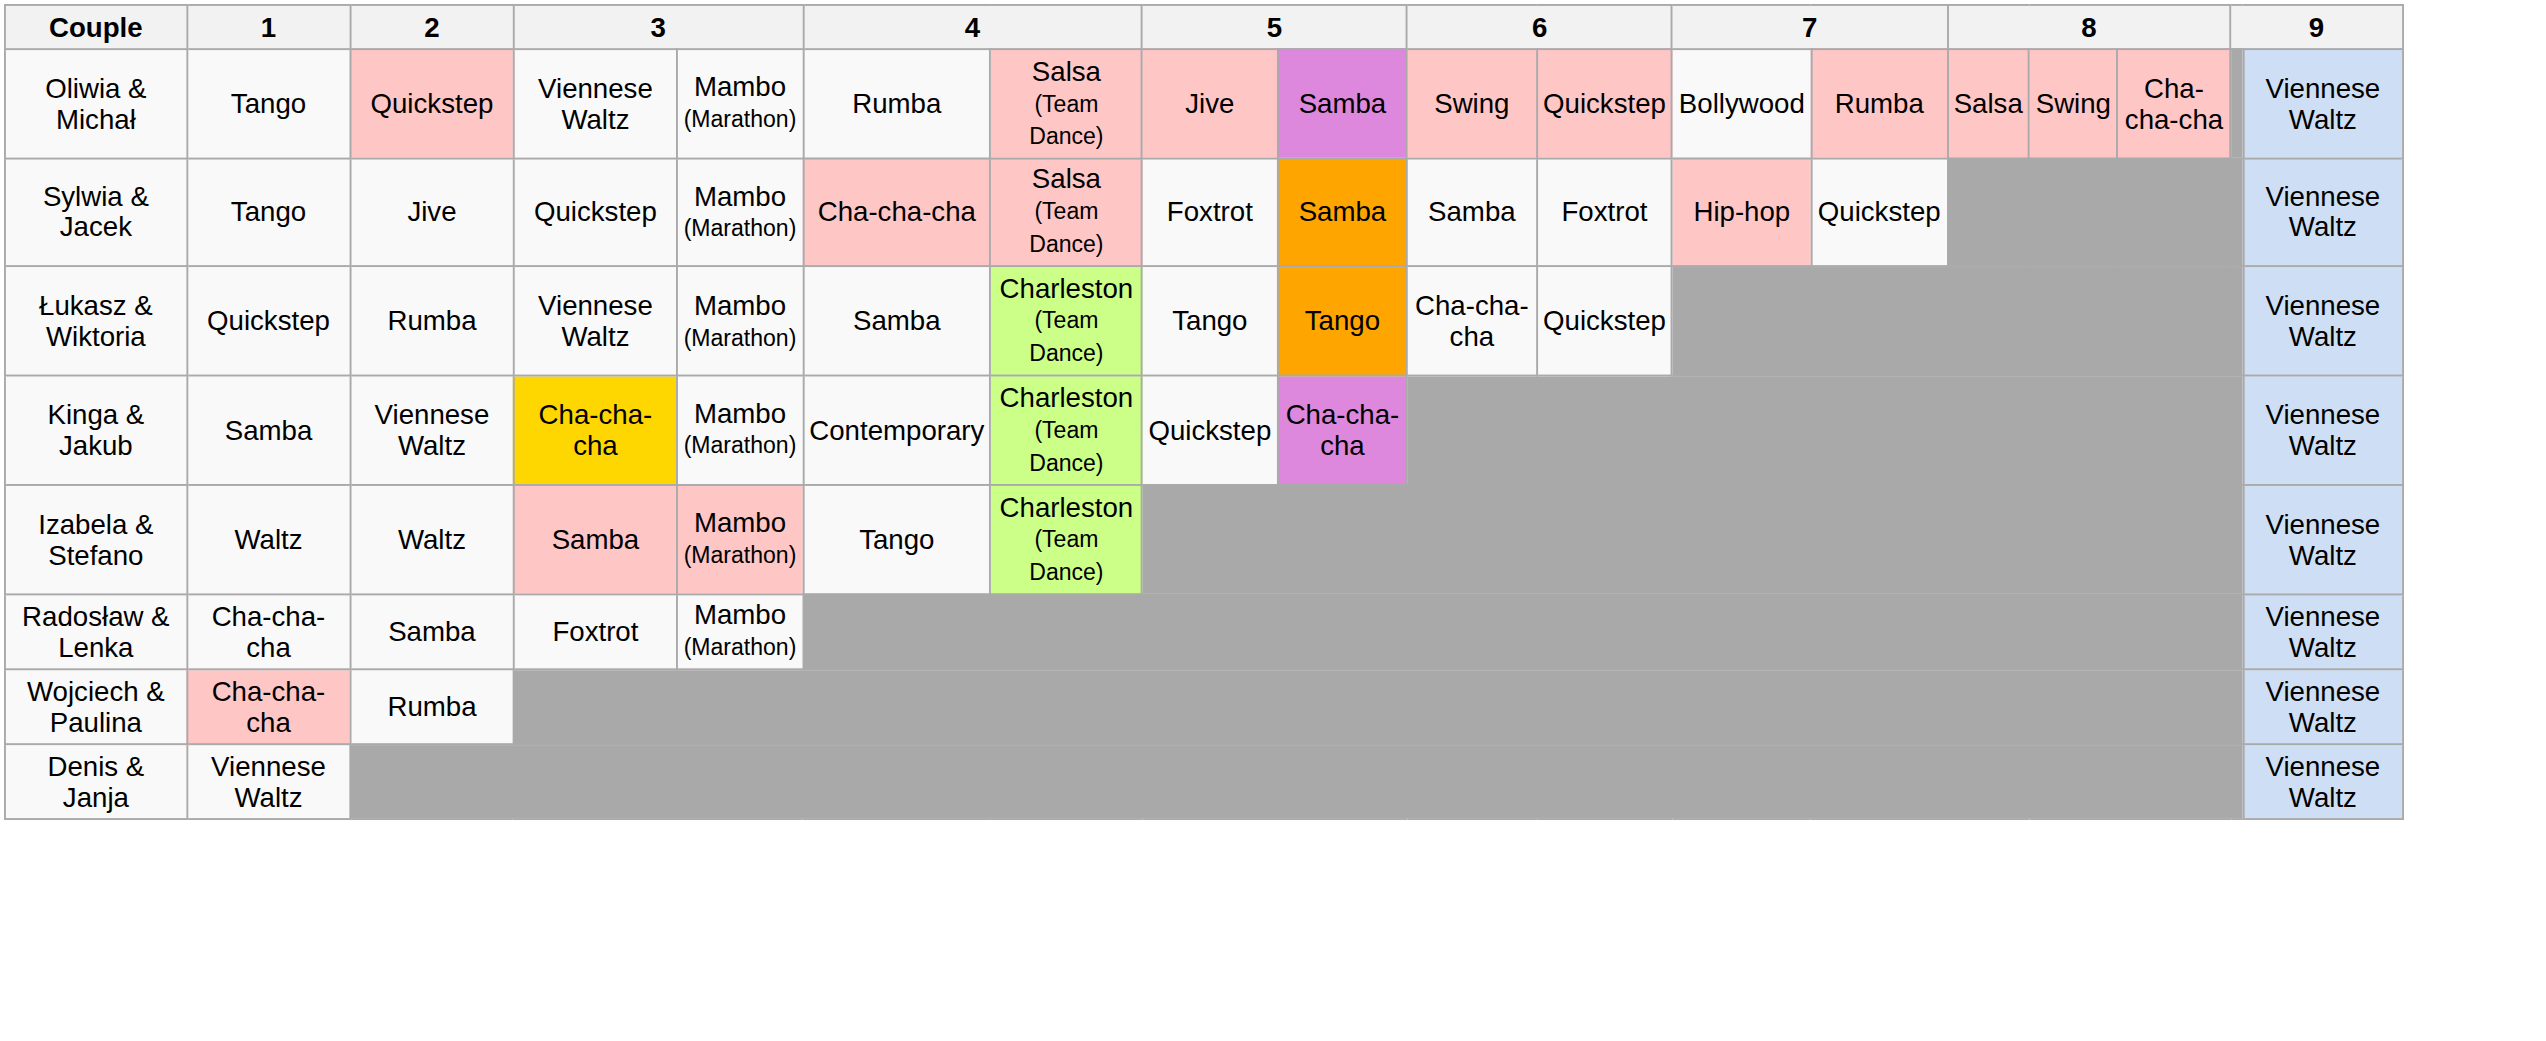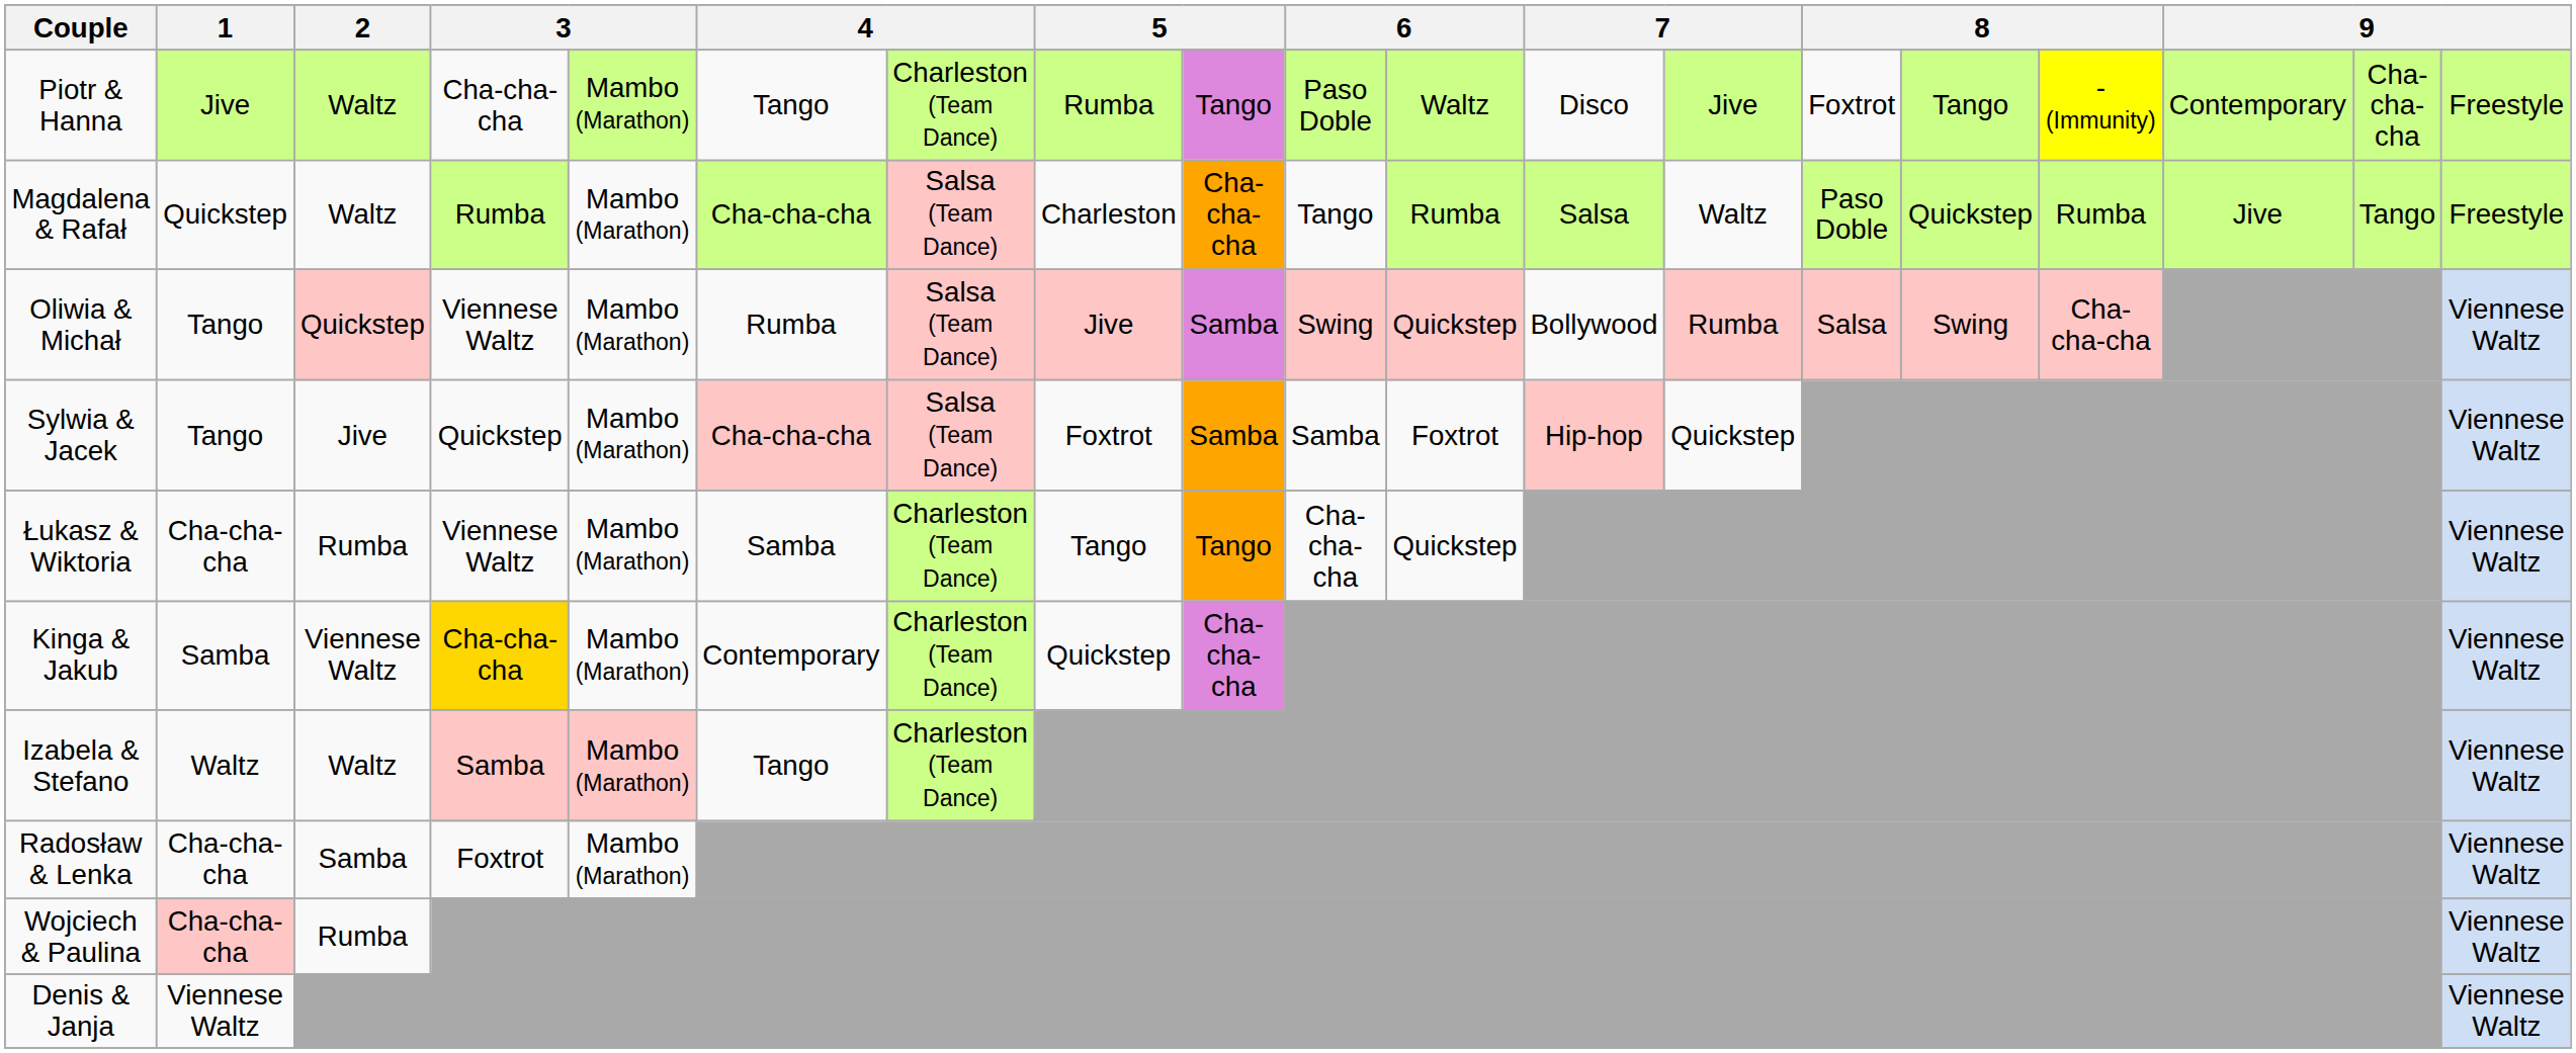 <table class="wikitable" style="text-align:center; font-size:90%; line-height:16px">
 <tr>
 <th>Couple</th>
 <th>1</th>
 <th>2</th>
 <th colspan="2">3</th>
 <th colspan="2">4</th>
 <th colspan="2">5</th>
 <th colspan="2">6</th>
 <th colspan="2">7</th>
 <th colspan="3">8</th>
 <th colspan="3">9</th>
+</tr>
+<tr>
+<td>Piotr & Hanna</td>
+<td style="background:#ccff88;">Jive</td>
+<td style="background:#ccff88;">Waltz</td>
+<td>Cha-cha-cha</td>
+<td style="background:#ccff88;">Mambo<br><small>(Marathon)</small></td>
+<td>Tango</td>
+<td style="background:#ccff88;">Charleston<br><small>(Team Dance)</small></td>
+<td style="background:#ccff88;">Rumba</td>
+<td style="background:#dd88dd">Tango</td>
+<td style="background:#ccff88;">Paso Doble</td>
+<td style="background:#ccff88;">Waltz</td>
+<td>Disco</td>
+<td style="background:#ccff88;">Jive</td>
+<td>Foxtrot</td>
+<td style="background:#ccff88;">Tango</td>
+<td style="background:yellow;">-<br><small>(Immunity)</small></td>
+<td style="background:#ccff88;">Contemporary</td>
+<td style="background:#ccff88;">Cha-cha-cha</td>
+<td style="background:#ccff88;">Freestyle</td>
+</tr>
+<tr>
+<td>Magdalena & Rafał</td>
+<td>Quickstep</td>
+<td>Waltz</td>
+<td style="background:#ccff88;">Rumba</td>
+<td>Mambo<br><small>(Marathon)</small></td>
+<td style="background:#ccff88;">Cha-cha-cha</td>
+<td style="background:#ffc6c6;">Salsa<br><small>(Team Dance)</small></td>
+<td>Charleston</td>
+<td style="background:orange">Cha-cha-cha</td>
+<td>Tango</td>
+<td style="background:#ccff88;">Rumba</td>
+<td style="background:#ccff88;">Salsa</td>
+<td>Waltz</td>
+<td style="background:#ccff88;">Paso Doble</td>
+<td style="background:#ccff88;">Quickstep</td>
+<td style="background:#ccff88;">Rumba</td>
+<td style="background:#ccff88;">Jive</td>
+<td style="background:#ccff88;">Tango</td>
+<td style="background:#ccff88;">Freestyle</td>
 </tr>
 <tr>
 <td>Oliwia & Michał</td>
 <td>Tango</td>
 <td style="background:#ffc6c6;">Quickstep</td>
 <td>Viennese Waltz</td>
 <td>Mambo<br><small>(Marathon)</small></td>
 <td>Rumba</td>
 <td style="background:#ffc6c6;">Salsa<br><small>(Team Dance)</small></td>
 <td style="background:#ffc6c6;">Jive</td>
 <td style="background:#dd88dd">Samba</td>
 <td style="background:#ffc6c6;">Swing</td>
 <td style="background:#ffc6c6;">Quickstep</td>
 <td>Bollywood</td>
 <td style="background:#ffc6c6;">Rumba</td>
 <td style="background:#ffc6c6;">Salsa</td>
 <td style="background:#ffc6c6;">Swing</td>
 <td style="background:#ffc6c6;">Cha-cha-cha</td>
 <td style="background:darkgrey;" colspan="2"></td>
 <td style="background:#CEDEF4">Viennese Waltz</td>
 </tr>
 <tr>
 <td>Sylwia & Jacek</td>
 <td>Tango</td>
 <td>Jive</td>
 <td>Quickstep</td>
 <td>Mambo<br><small>(Marathon)</small></td>
 <td style="background:#ffc6c6;">Cha-cha-cha</td>
 <td style="background:#ffc6c6;">Salsa<br><small>(Team Dance)</small></td>
 <td>Foxtrot</td>
 <td style="background:orange">Samba</td>
 <td>Samba</td>
 <td>Foxtrot</td>
 <td style="background:#ffc6c6;">Hip-hop</td>
 <td>Quickstep</td>
 <td style="background:darkgrey;" colspan="5"></td>
 <td style="background:#CEDEF4">Viennese Waltz</td>
 </tr>
 <tr>
 <td>Łukasz & Wiktoria</td>
-<td>Quickstep</td>
+<td>Cha-cha-cha</td>
 <td>Rumba</td>
 <td>Viennese Waltz</td>
 <td>Mambo<br><small>(Marathon)</small></td>
 <td>Samba</td>
 <td style="background:#ccff88;">Charleston<br><small>(Team Dance)</small></td>
 <td>Tango</td>
 <td style="background:orange">Tango</td>
 <td>Cha-cha-cha</td>
 <td>Quickstep</td>
 <td style="background:darkgrey;" colspan="7"></td>
 <td style="background:#CEDEF4">Viennese Waltz</td>
 </tr>
 <tr>
 <td>Kinga & Jakub</td>
 <td>Samba</td>
 <td>Viennese Waltz</td>
 <td style="background: gold;">Cha-cha-cha</td>
 <td>Mambo<br><small>(Marathon)</small></td>
 <td>Contemporary</td>
 <td style="background:#ccff88;">Charleston<br><small>(Team Dance)</small></td>
 <td>Quickstep</td>
 <td style="background:#dd88dd">Cha-cha-cha</td>
 <td style="background:darkgrey;" colspan="9"></td>
 <td style="background:#CEDEF4">Viennese Waltz</td>
 </tr>
 <tr>
 <td>Izabela & Stefano</td>
 <td>Waltz</td>
 <td>Waltz</td>
 <td style="background:#ffc6c6;">Samba</td>
 <td style="background:#ffc6c6;">Mambo<br><small>(Marathon)</small></td>
 <td>Tango</td>
 <td style="background:#ccff88;">Charleston<br><small>(Team Dance)</small></td>
 <td style="background:darkgrey;" colspan="11"></td>
 <td style="background:#CEDEF4">Viennese Waltz</td>
 </tr>
 <tr>
 <td>Radosław & Lenka</td>
 <td>Cha-cha-cha</td>
 <td>Samba</td>
 <td>Foxtrot</td>
 <td>Mambo<br><small>(Marathon)</small></td>
 <td style="background:darkgrey;" colspan="13"></td>
 <td style="background:#CEDEF4">Viennese Waltz</td>
 </tr>
 <tr>
 <td>Wojciech & Paulina</td>
 <td style="background:#ffc6c6;">Cha-cha-cha</td>
 <td>Rumba</td>
 <td style="background:darkgrey;" colspan="15"></td>
 <td style="background:#CEDEF4">Viennese Waltz</td>
 </tr>
 <tr>
 <td>Denis & Janja</td>
 <td>Viennese Waltz</td>
 <td style="background:darkgrey;" colspan="16"></td>
 <td style="background:#CEDEF4">Viennese Waltz</td>
 </tr>
 </table>
